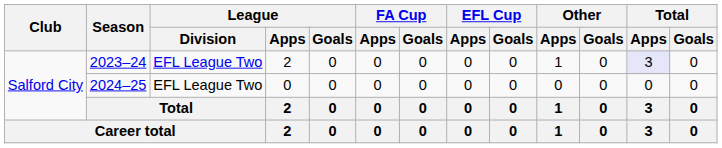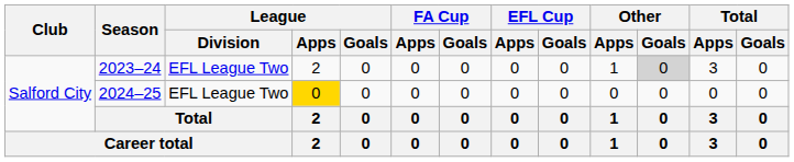 <table class="wikitable" style="text-align:center;">
 <tr>
 <th rowspan="2">Club</th>
 <th rowspan="2">Season</th>
 <th colspan="3">League</th>
 <th colspan="2"><a href='#'>FA Cup</a></th>
 <th colspan="2"><a href='#'>EFL Cup</a></th>
 <th colspan="2">Other</th>
 <th colspan="2">Total</th>
 </tr>
 <tr>
 <th>Division</th>
 <th>Apps</th>
 <th>Goals</th>
 <th>Apps</th>
 <th>Goals</th>
 <th>Apps</th>
 <th>Goals</th>
 <th>Apps</th>
 <th>Goals</th>
 <th>Apps</th>
 <th>Goals</th>
 </tr>
 <tr>
 <td rowspan="3"><a href='#'>Salford City</a></td>
 <td><a href='#'>2023–24</a></td>
 <td><a href='#'>EFL League Two</a></td>
 <td>2</td>
 <td>0</td>
 <td>0</td>
 <td>0</td>
 <td>0</td>
 <td>0</td>
 <td>1</td>
-<td>0</td>
-<td style="background: lavender;">3</td>
+<td style="background: lightgrey;">0</td>
+<td>3</td>
 <td>0</td>
 </tr>
 <tr>
 <td><a href='#'>2024–25</a></td>
 <td>EFL League Two</td>
-<td>0</td>
+<td style="background: gold;">0</td>
 <td>0</td>
 <td>0</td>
 <td>0</td>
 <td>0</td>
 <td>0</td>
 <td>0</td>
 <td>0</td>
 <td>0</td>
 <td>0</td>
 </tr>
 <tr>
 <th colspan="2">Total</th>
 <th>2</th>
 <th>0</th>
 <th>0</th>
 <th>0</th>
 <th>0</th>
 <th>0</th>
 <th>1</th>
 <th>0</th>
 <th>3</th>
 <th>0</th>
 </tr>
 <tr>
 <th colspan="3">Career total</th>
 <th>2</th>
 <th>0</th>
 <th>0</th>
 <th>0</th>
 <th>0</th>
 <th>0</th>
 <th>1</th>
 <th>0</th>
 <th>3</th>
 <th>0</th>
 </tr>
 </table>
